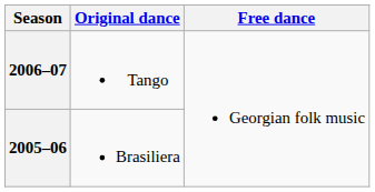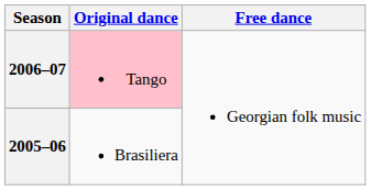 <table class="wikitable" style="text-align:center">
 <tr>
 <th>Season</th>
 <th><a href='#'>Original dance</a></th>
 <th><a href='#'>Free dance</a></th>
 </tr>
 <tr>
 <th>2006–07 <br> </th>
-<td><br><ul><li>Tango <br></li></ul></td>
+<td style="background: pink;"><br><ul><li>Tango <br></li></ul></td>
 <td rowspan=2><br><ul><li>Georgian folk music</li></ul></td>
 </tr>
 <tr>
 <th>2005–06 <br> </th>
 <td><br><ul><li>Brasiliera <br></li></ul></td>
 </tr>
 </table>
